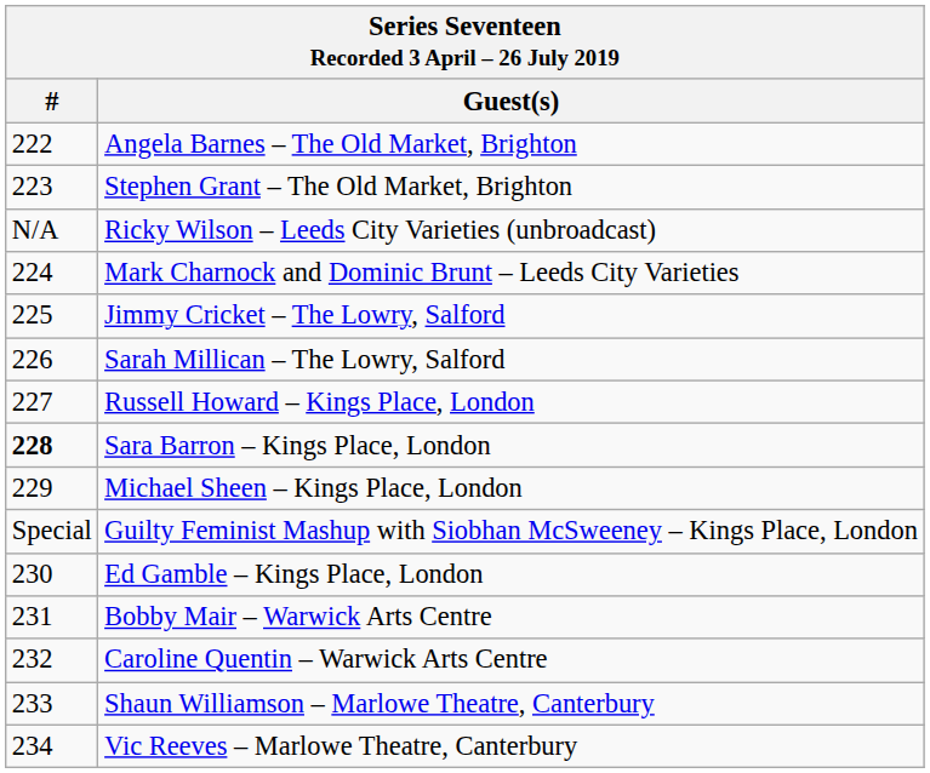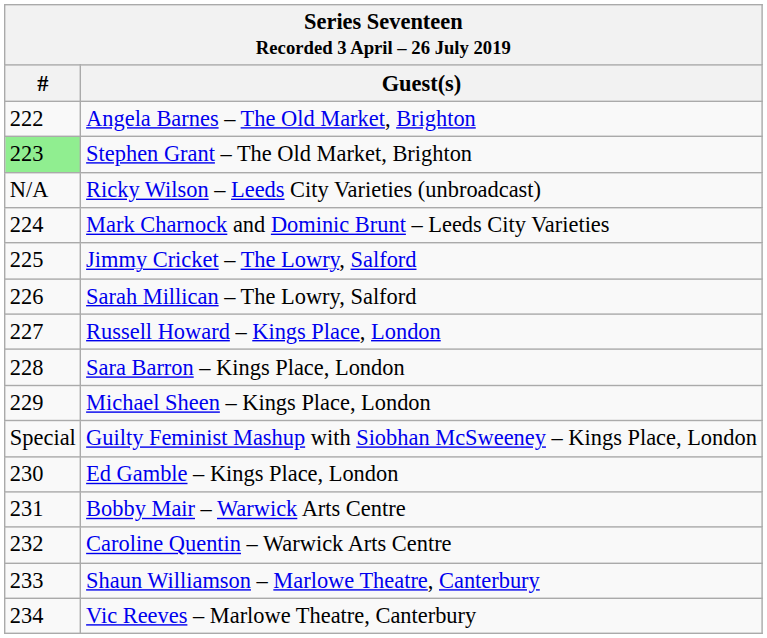 <table class="wikitable">
 <tr>
 <th colspan="3">Series Seventeen<br><small>Recorded 3 April – 26 July 2019</small></th>
 </tr>
 <tr>
 <th>#</th>
 <th>Guest(s)</th>
 </tr>
 <tr>
 <td>222</td>
 <td><a href='#'>Angela Barnes</a> – <a href='#'>The Old Market</a>, <a href='#'>Brighton</a></td>
 </tr>
 <tr>
-<td>223</td>
+<td style="background: lightgreen;">223</td>
 <td><a href='#'>Stephen Grant</a> – The Old Market, Brighton</td>
 </tr>
 <tr>
 <td>N/A</td>
 <td><a href='#'>Ricky Wilson</a> – <a href='#'>Leeds</a> City Varieties (unbroadcast)</td>
 </tr>
 <tr>
 <td>224</td>
 <td><a href='#'>Mark Charnock</a> and <a href='#'>Dominic Brunt</a> – Leeds City Varieties</td>
 </tr>
 <tr>
 <td>225</td>
 <td><a href='#'>Jimmy Cricket</a> – <a href='#'>The Lowry</a>, <a href='#'>Salford</a></td>
 </tr>
 <tr>
 <td>226</td>
 <td><a href='#'>Sarah Millican</a> – The Lowry, Salford</td>
 </tr>
 <tr>
 <td>227</td>
 <td><a href='#'>Russell Howard</a> – <a href='#'>Kings Place</a>, <a href='#'>London</a></td>
 </tr>
 <tr>
-<td><strong>228</strong></td>
+<td>228</td>
 <td><a href='#'>Sara Barron</a> – Kings Place, London</td>
 </tr>
 <tr>
 <td>229</td>
 <td><a href='#'>Michael Sheen</a> – Kings Place, London</td>
 </tr>
 <tr>
 <td>Special</td>
 <td><a href='#'>Guilty Feminist Mashup</a> with <a href='#'>Siobhan McSweeney</a> – Kings Place, London</td>
 </tr>
 <tr>
 <td>230</td>
 <td><a href='#'>Ed Gamble</a> – Kings Place, London</td>
 </tr>
 <tr>
 <td>231</td>
 <td><a href='#'>Bobby Mair</a> – <a href='#'>Warwick</a> Arts Centre</td>
 </tr>
 <tr>
 <td>232</td>
 <td><a href='#'>Caroline Quentin</a> – Warwick Arts Centre</td>
 </tr>
 <tr>
 <td>233</td>
 <td><a href='#'>Shaun Williamson</a> – <a href='#'>Marlowe Theatre</a>, <a href='#'>Canterbury</a></td>
 </tr>
 <tr>
 <td>234</td>
 <td><a href='#'>Vic Reeves</a> – Marlowe Theatre, Canterbury</td>
 </tr>
 </table>
